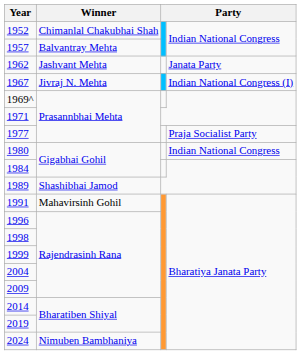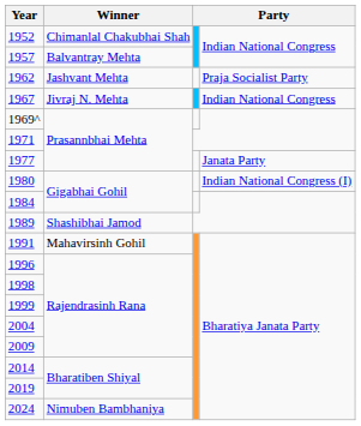 <table class="wikitable sortable">
 <tr>
 <th>Year</th>
 <th>Winner</th>
 <th Colspan=2>Party</th>
 </tr>
 <tr>
 <td rowspan="2"><a href='#'>1952</a></td>
 <td><a href='#'>Chimanlal Chakubhai Shah</a></td>
 <td rowspan="3" style="background-color:#00BFFF"></td>
 <td rowspan="3"><a href='#'>Indian National Congress</a></td>
 </tr>
 <tr>
 <td rowspan="2"><a href='#'>Balvantray Mehta</a></td>
 </tr>
 <tr>
 <td><a href='#'>1957</a></td>
 </tr>
 <tr>
 <td><a href='#'>1962</a></td>
 <td><a href='#'>Jashvant Mehta</a></td>
 <td></td>
-<td><a href='#'>Janata Party</a></td>
+<td><a href='#'>Praja Socialist Party</a></td>
 </tr>
 <tr>
 <td><a href='#'>1967</a></td>
 <td><a href='#'>Jivraj N. Mehta</a></td>
 <td bgcolor="#00BFFF"></td>
-<td><a href='#'>Indian National Congress (I)</a></td>
+<td><a href='#'>Indian National Congress</a></td>
 </tr>
 <tr>
 <td>1969^</td>
 <td rowspan="3"><a href='#'>Prasannbhai Mehta</a></td>
 <td></td>
 </tr>
 <tr>
 <td><a href='#'>1971</a></td>
 </tr>
 <tr>
 <td><a href='#'>1977</a></td>
 <td></td>
-<td><a href='#'>Praja Socialist Party</a></td>
+<td><a href='#'>Janata Party</a></td>
 </tr>
 <tr>
 <td><a href='#'>1980</a></td>
 <td rowspan="2"><a href='#'>Gigabhai Gohil</a></td>
 <td rowspan="1" style="background-color:"></td>
-<td><a href='#'>Indian National Congress</a></td>
+<td><a href='#'>Indian National Congress (I)</a></td>
 </tr>
 <tr>
 <td><a href='#'>1984</a></td>
 <td></td>
 </tr>
 <tr>
 <td><a href='#'>1989</a></td>
 <td><a href='#'>Shashibhai Jamod</a></td>
 </tr>
 <tr>
 <td><a href='#'>1991</a></td>
 <td>Mahavirsinh Gohil</td>
 <td rowspan="9" style="background-color:#FF9933"></td>
 <td rowspan="9"><a href='#'>Bharatiya Janata Party</a></td>
 </tr>
 <tr>
 <td><a href='#'>1996</a></td>
 <td rowspan="5"><a href='#'>Rajendrasinh Rana</a></td>
 </tr>
 <tr>
 <td><a href='#'>1998</a></td>
 </tr>
 <tr>
 <td><a href='#'>1999</a></td>
 </tr>
 <tr>
 <td><a href='#'>2004</a></td>
 </tr>
 <tr>
 <td><a href='#'>2009</a></td>
 </tr>
 <tr>
 <td><a href='#'>2014</a></td>
 <td rowspan="2"><a href='#'>Bharatiben Shiyal</a></td>
 </tr>
 <tr>
 <td><a href='#'>2019</a></td>
 </tr>
 <tr>
 <td><a href='#'>2024</a></td>
 <td><a href='#'>Nimuben Bambhaniya</a></td>
 </tr>
 </table>
